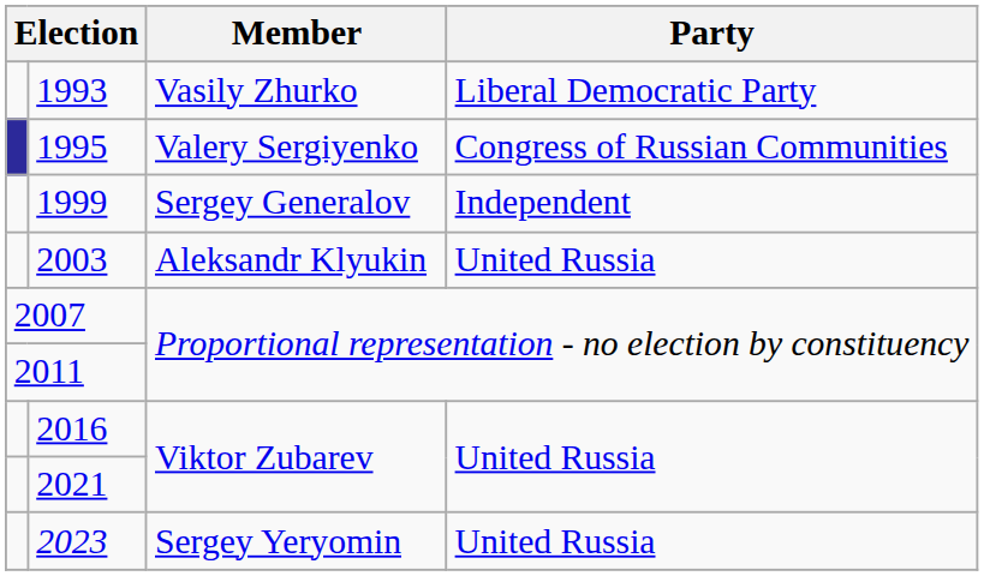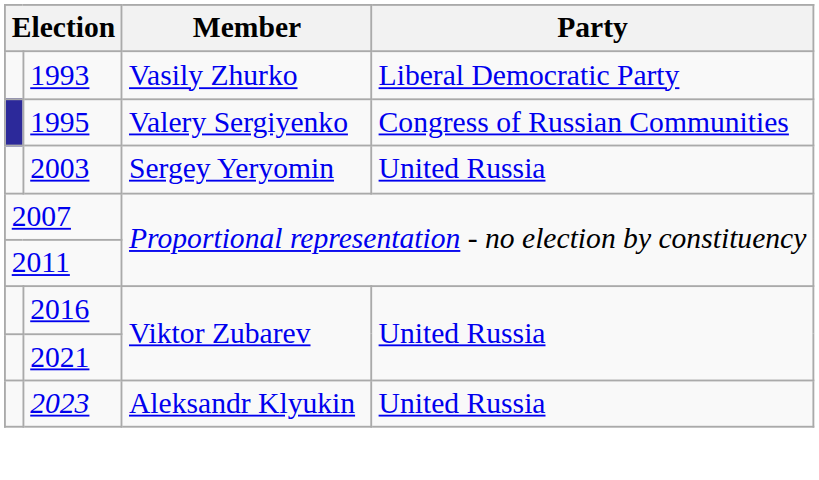 <table class="wikitable">
 <tr>
 <th colspan="2">Election</th>
 <th>Member</th>
 <th>Party</th>
 </tr>
 <tr>
 <td style="background-color:"></td>
 <td><a href='#'>1993</a></td>
 <td><a href='#'>Vasily Zhurko</a></td>
 <td><a href='#'>Liberal Democratic Party</a></td>
 </tr>
 <tr>
 <td style="background-color:#2C299A"></td>
 <td><a href='#'>1995</a></td>
 <td><a href='#'>Valery Sergiyenko</a></td>
 <td><a href='#'>Congress of Russian Communities</a></td>
 </tr>
 <tr>
 <td style="background-color:"></td>
-<td><a href='#'>1999</a></td>
-<td><a href='#'>Sergey Generalov</a></td>
-<td><a href='#'>Independent</a></td>
-</tr>
-<tr>
-<td style="background-color:"></td>
 <td><a href='#'>2003</a></td>
-<td><a href='#'>Aleksandr Klyukin</a></td>
+<td><a href='#'>Sergey Yeryomin</a></td>
 <td><a href='#'>United Russia</a></td>
 </tr>
 <tr>
 <td colspan=2><a href='#'>2007</a></td>
 <td colspan=2 rowspan=2><em><a href='#'>Proportional representation</a> - no election by constituency</em></td>
 </tr>
 <tr>
 <td colspan=2><a href='#'>2011</a></td>
 </tr>
 <tr>
 <td style="background-color: "></td>
 <td><a href='#'>2016</a></td>
 <td rowspan=2><a href='#'>Viktor Zubarev</a></td>
 <td rowspan=2><a href='#'>United Russia</a></td>
 </tr>
 <tr>
 <td style="background-color: "></td>
 <td><a href='#'>2021</a></td>
 </tr>
 <tr>
 <td style="background-color: "></td>
 <td><em><a href='#'>2023</a></em></td>
-<td><a href='#'>Sergey Yeryomin</a></td>
+<td><a href='#'>Aleksandr Klyukin</a></td>
 <td><a href='#'>United Russia</a></td>
 </tr>
 </table>
